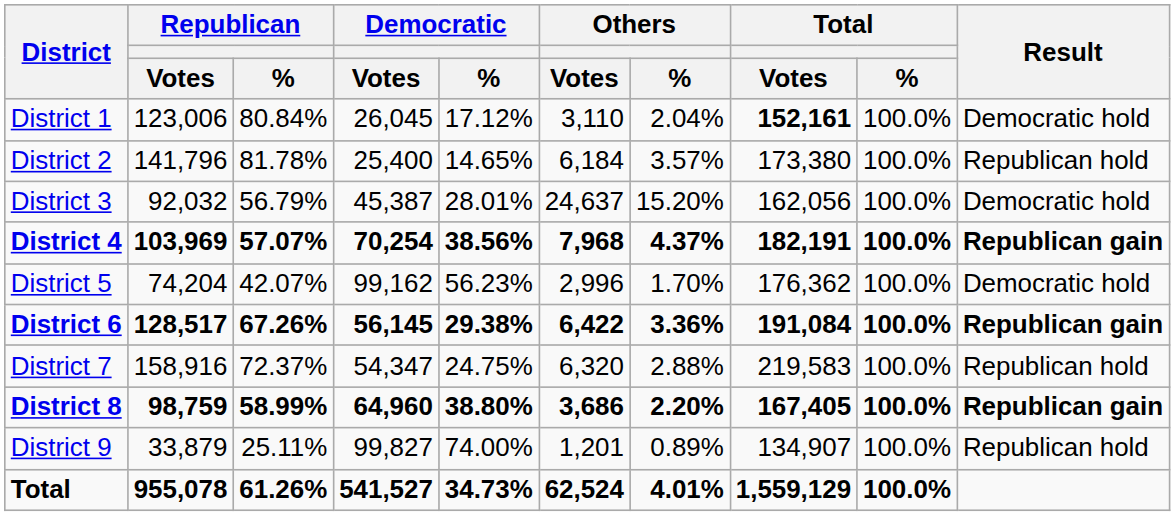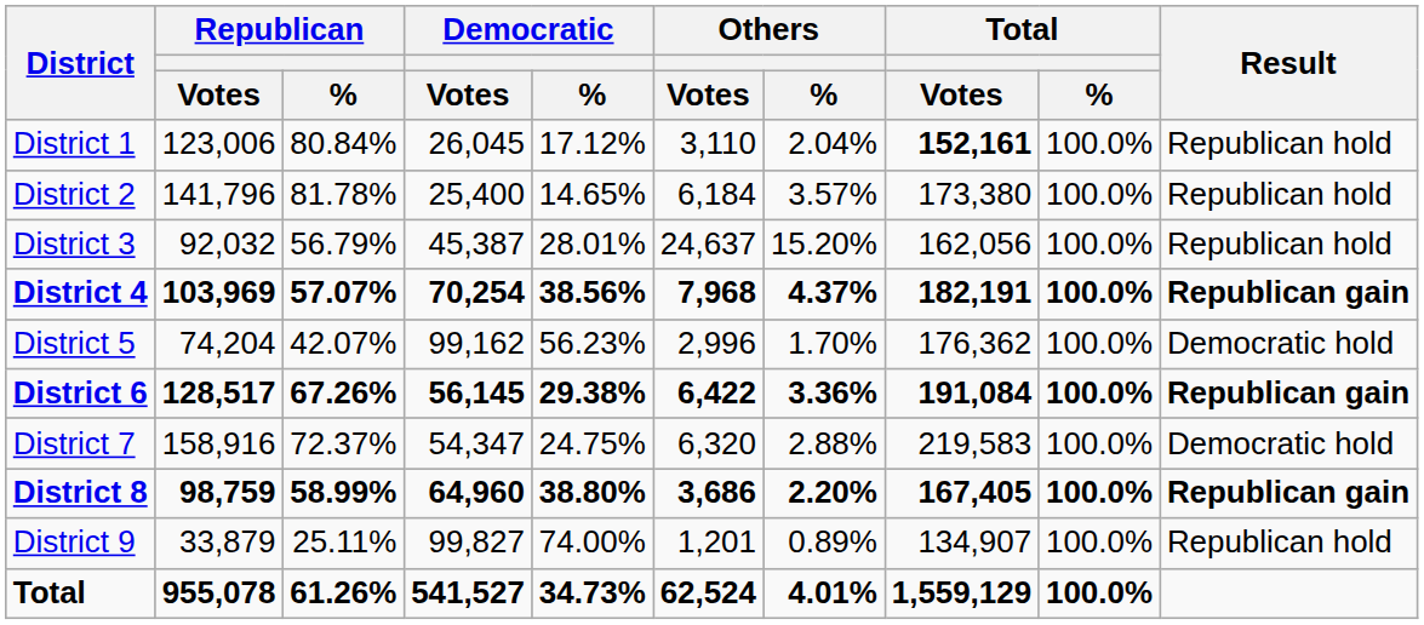 <table class="wikitable plainrowheaders sortable" style="font-size:100%; text-align:right;">
 <tr>
 <th scope=col rowspan=3><a href='#'>District</a></th>
 <th scope=col colspan=2><a href='#'>Republican</a></th>
 <th scope=col colspan=2><a href='#'>Democratic</a></th>
 <th scope=col colspan=2>Others</th>
 <th scope=col colspan=2>Total</th>
 <th scope=col rowspan=3>Result</th>
 </tr>
 <tr>
 <th scope=col colspan=2 style="background:"></th>
 <th scope=col colspan=2 style="background:"></th>
 <th scope=col colspan=2></th>
 <th scope=col colspan=2></th>
 </tr>
 <tr>
 <th scope=col data-sort-type="number">Votes</th>
 <th scope=col data-sort-type="number">%</th>
 <th scope=col data-sort-type="number">Votes</th>
 <th scope=col data-sort-type="number">%</th>
 <th scope=col data-sort-type="number">Votes</th>
 <th scope=col data-sort-type="number">%</th>
 <th scope=col data-sort-type="number">Votes</th>
 <th scope=col data-sort-type="number">%</th>
 </tr>
 <tr>
 <td align=left><a href='#'>District 1</a></td>
 <td>123,006</td>
 <td>80.84%</td>
 <td>26,045</td>
 <td>17.12%</td>
 <td>3,110</td>
 <td>2.04%</td>
 <td><strong>152,161</strong></td>
 <td>100.0%</td>
-<td align=left>Democratic hold</td>
+<td align=left>Republican hold</td>
 </tr>
 <tr>
 <td align=left><a href='#'>District 2</a></td>
 <td>141,796</td>
 <td>81.78%</td>
 <td>25,400</td>
 <td>14.65%</td>
 <td>6,184</td>
 <td>3.57%</td>
 <td>173,380</td>
 <td>100.0%</td>
 <td align=left>Republican hold</td>
 </tr>
 <tr>
 <td align=left><a href='#'>District 3</a></td>
 <td>92,032</td>
 <td>56.79%</td>
 <td>45,387</td>
 <td>28.01%</td>
 <td>24,637</td>
 <td>15.20%</td>
 <td>162,056</td>
 <td>100.0%</td>
-<td align=left>Democratic hold</td>
+<td align=left>Republican hold</td>
 </tr>
 <tr>
 <td align=left><strong><a href='#'>District 4</a></strong></td>
 <td><strong>103,969</strong></td>
 <td><strong>57.07%</strong></td>
 <td><strong>70,254</strong></td>
 <td><strong>38.56%</strong></td>
 <td><strong>7,968</strong></td>
 <td><strong>4.37%</strong></td>
 <td><strong>182,191</strong></td>
 <td><strong>100.0%</strong></td>
 <td align=left><strong>Republican gain</strong></td>
 </tr>
 <tr>
 <td align=left><a href='#'>District 5</a></td>
 <td>74,204</td>
 <td>42.07%</td>
 <td>99,162</td>
 <td>56.23%</td>
 <td>2,996</td>
 <td>1.70%</td>
 <td>176,362</td>
 <td>100.0%</td>
 <td align=left>Democratic hold</td>
 </tr>
 <tr>
 <td align=left><strong><a href='#'>District 6</a></strong></td>
 <td><strong>128,517</strong></td>
 <td><strong>67.26%</strong></td>
 <td><strong>56,145</strong></td>
 <td><strong>29.38%</strong></td>
 <td><strong>6,422</strong></td>
 <td><strong>3.36%</strong></td>
 <td><strong>191,084</strong></td>
 <td><strong>100.0%</strong></td>
 <td align=left><strong>Republican gain</strong></td>
 </tr>
 <tr>
 <td align=left><a href='#'>District 7</a></td>
 <td>158,916</td>
 <td>72.37%</td>
 <td>54,347</td>
 <td>24.75%</td>
 <td>6,320</td>
 <td>2.88%</td>
 <td>219,583</td>
 <td>100.0%</td>
-<td align=left>Republican hold</td>
+<td align=left>Democratic hold</td>
 </tr>
 <tr>
 <td align=left><strong><a href='#'>District 8</a></strong></td>
 <td><strong>98,759</strong></td>
 <td><strong>58.99%</strong></td>
 <td><strong>64,960</strong></td>
 <td><strong>38.80%</strong></td>
 <td><strong>3,686</strong></td>
 <td><strong>2.20%</strong></td>
 <td><strong>167,405</strong></td>
 <td><strong>100.0%</strong></td>
 <td align=left><strong>Republican gain</strong></td>
 </tr>
 <tr>
 <td align=left><a href='#'>District 9</a></td>
 <td>33,879</td>
 <td>25.11%</td>
 <td>99,827</td>
 <td>74.00%</td>
 <td>1,201</td>
 <td>0.89%</td>
 <td>134,907</td>
 <td>100.0%</td>
 <td align=left>Republican hold</td>
 </tr>
 <tr class="sortbottom" style="font-weight:bold">
 <td align=left>Total</td>
 <td>955,078</td>
 <td>61.26%</td>
 <td>541,527</td>
 <td>34.73%</td>
 <td>62,524</td>
 <td>4.01%</td>
 <td>1,559,129</td>
 <td>100.0%</td>
 <td></td>
 </tr>
 </table>
